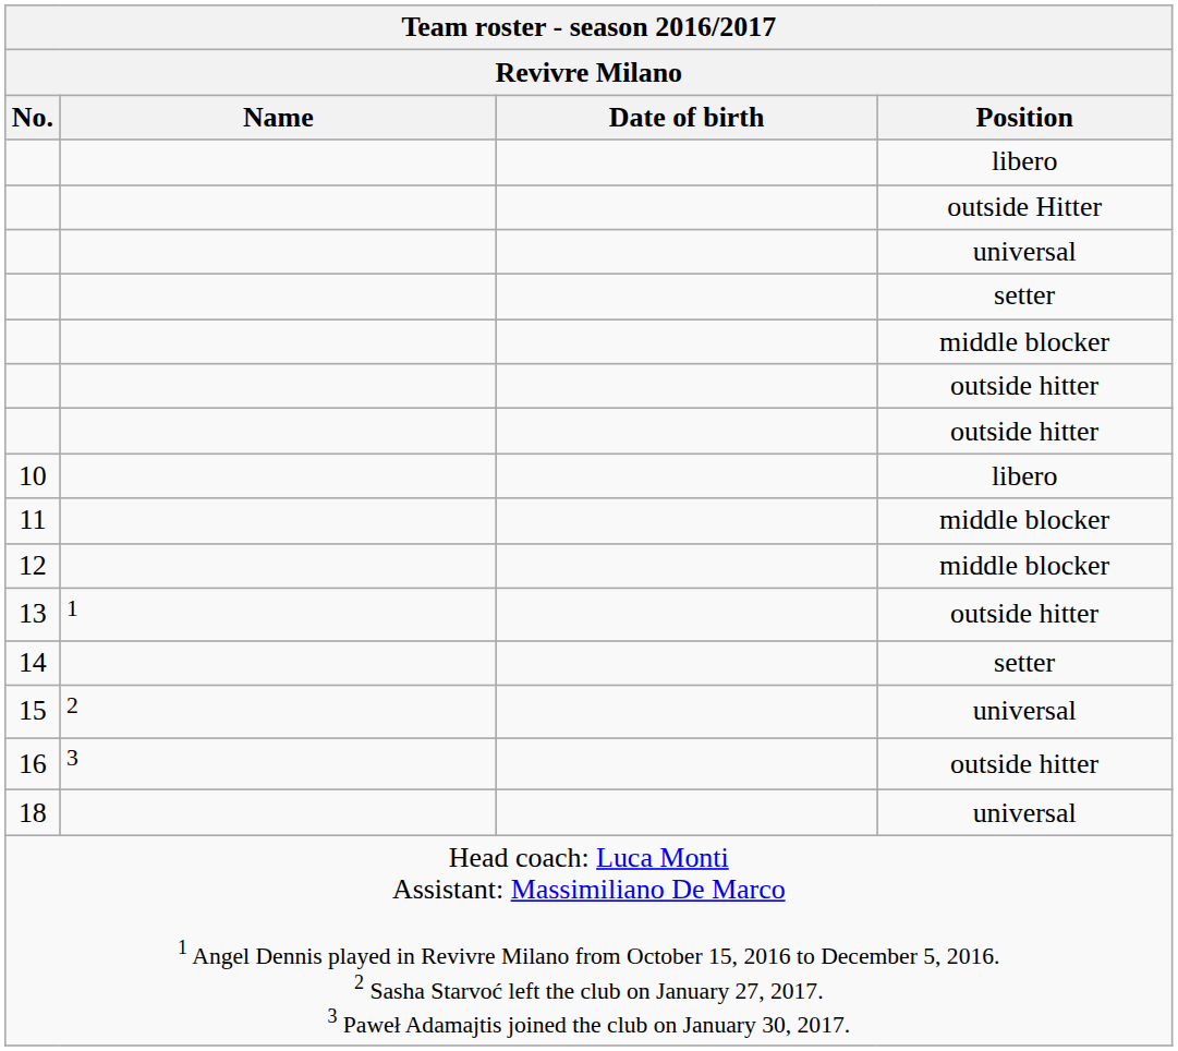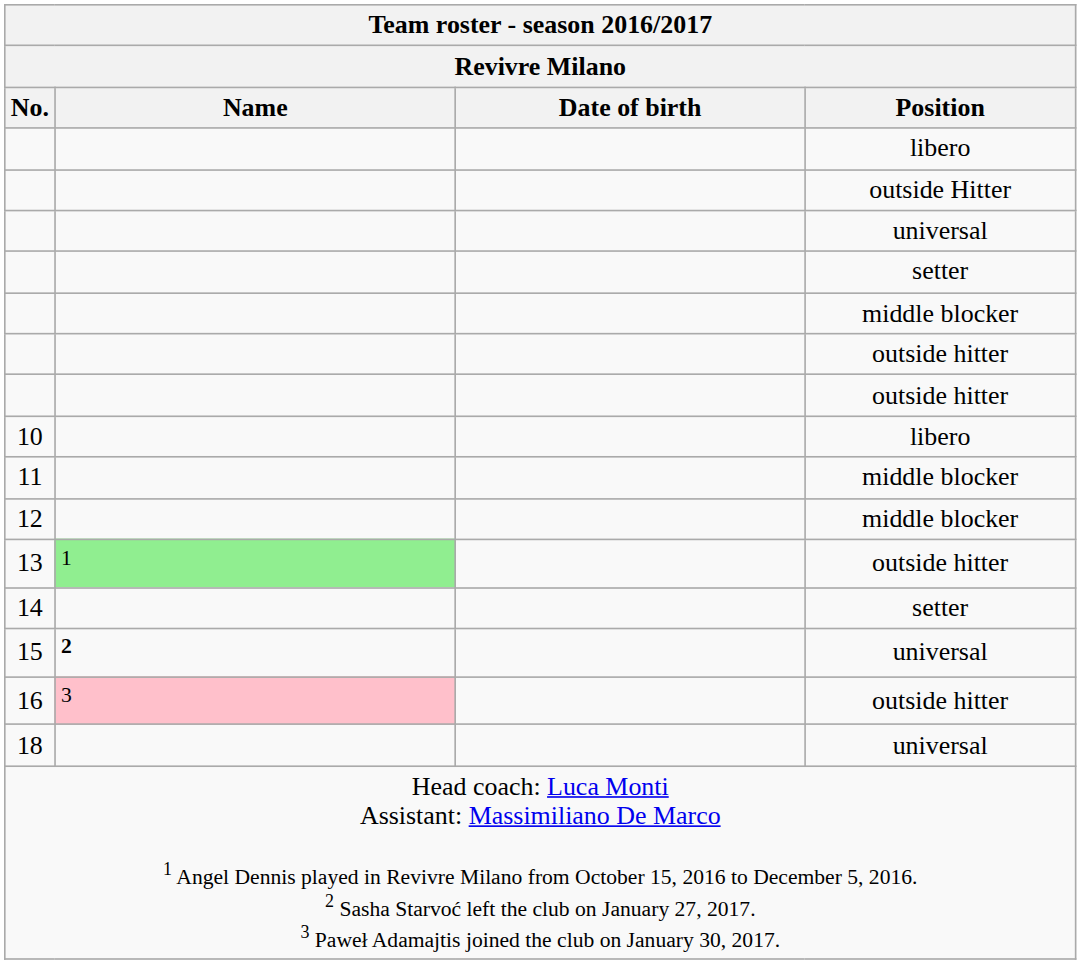 <table class="wikitable collapsible collapsed sortable" style="font-size:100%; text-align:center;">
 <tr>
 <th colspan=6>Team roster - season 2016/2017</th>
 </tr>
 <tr>
 <th colspan=6>Revivre Milano</th>
 </tr>
 <tr>
 <th>No.</th>
 <th style="width:15em">Name</th>
 <th style="width:13em">Date of birth</th>
 <th style="width:10em">Position</th>
 </tr>
 <tr>
 <td></td>
 <td align=left> </td>
 <td align=right></td>
 <td>libero</td>
 </tr>
 <tr>
 <td></td>
 <td align=left> </td>
 <td align=right></td>
 <td>outside Hitter</td>
 </tr>
 <tr>
 <td></td>
 <td align=left> </td>
 <td align=right></td>
 <td>universal</td>
 </tr>
 <tr>
 <td></td>
 <td align=left> </td>
 <td align=right></td>
 <td>setter</td>
 </tr>
 <tr>
 <td></td>
 <td align=left> </td>
 <td align=right></td>
 <td>middle blocker</td>
 </tr>
 <tr>
 <td></td>
 <td align=left> </td>
 <td align=right></td>
 <td>outside hitter</td>
 </tr>
 <tr>
 <td></td>
 <td align=left> </td>
 <td align=right></td>
 <td>outside hitter</td>
 </tr>
 <tr>
 <td>10</td>
 <td align=left> </td>
 <td align=right></td>
 <td>libero</td>
 </tr>
 <tr>
 <td>11</td>
 <td align=left> </td>
 <td align=right></td>
 <td>middle blocker</td>
 </tr>
 <tr>
 <td>12</td>
 <td align=left> </td>
 <td align=right></td>
 <td>middle blocker</td>
 </tr>
 <tr>
 <td>13</td>
-<td align=left> <sup>1</sup></td>
+<td align=left style="background: lightgreen;"> <sup>1</sup></td>
 <td align=right></td>
 <td>outside hitter</td>
 </tr>
 <tr>
 <td>14</td>
 <td align=left> </td>
 <td align=right></td>
 <td>setter</td>
 </tr>
 <tr>
 <td>15</td>
-<td align=left> <sup>2</sup></td>
+<td align=left><strong> <sup>2</sup></strong></td>
 <td align=right></td>
 <td>universal</td>
 </tr>
 <tr>
 <td>16</td>
-<td align=left> <sup>3</sup></td>
+<td align=left style="background: pink;"> <sup>3</sup></td>
 <td align=right></td>
 <td>outside hitter</td>
 </tr>
 <tr>
 <td>18</td>
 <td align=left> </td>
 <td align=right></td>
 <td>universal</td>
 </tr>
 <tr>
 <td colspan=4>Head coach: <a href='#'>Luca Monti</a><br>Assistant: <a href='#'>Massimiliano De Marco</a><br><br><small><sup>1</sup> Angel Dennis played in Revivre Milano from October 15, 2016 to December 5, 2016.</small><br> <small><sup>2</sup> Sasha Starvoć left the club on January 27, 2017.</small><br> <small><sup>3</sup> Paweł Adamajtis joined the club on January 30, 2017.</small></td>
 </tr>
 </table>
